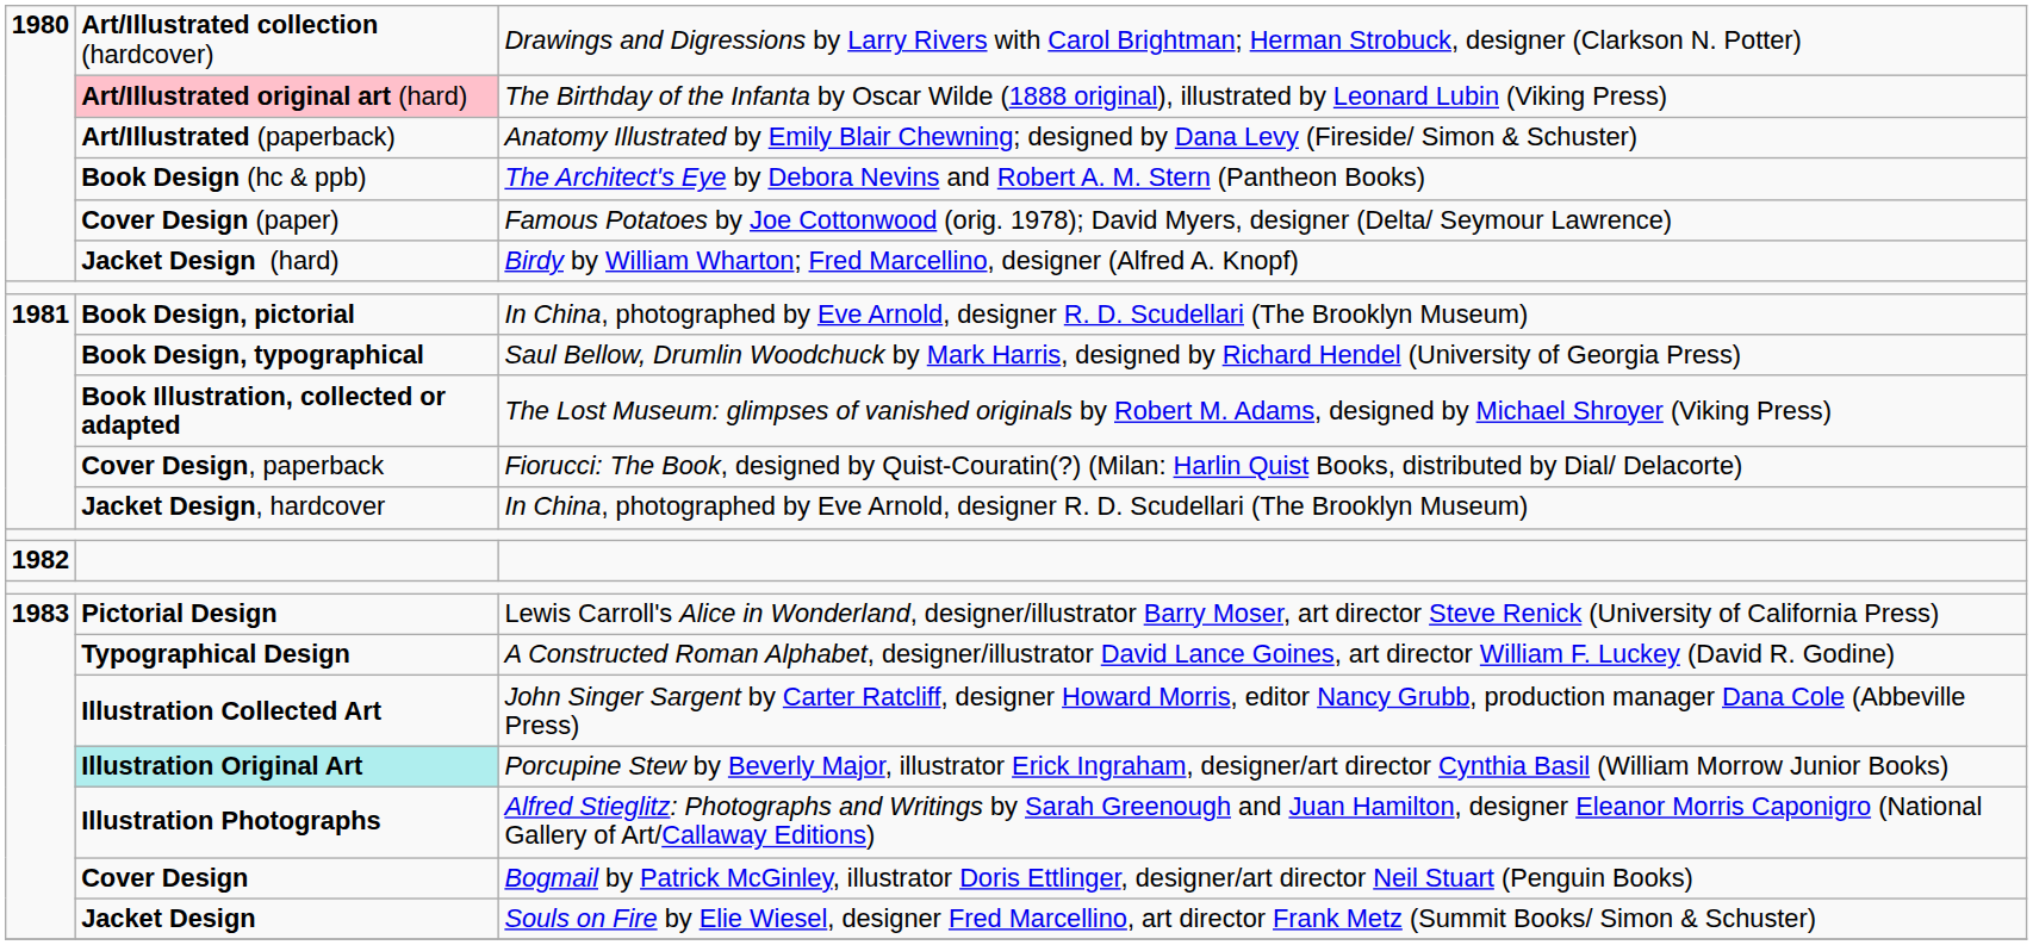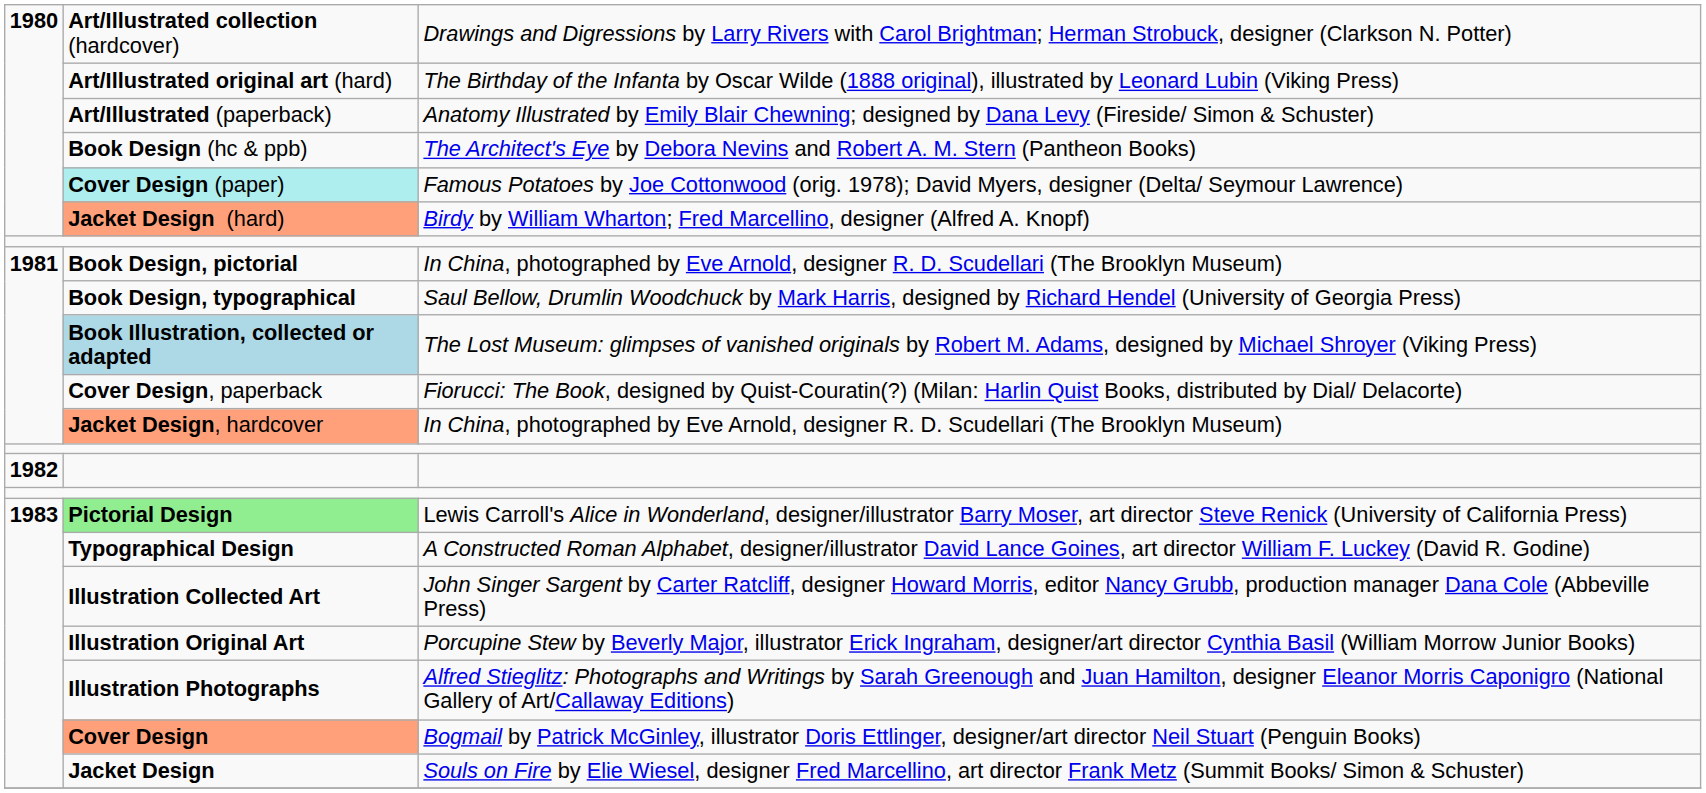 <table class=wikitable>
 <tr>
 <td rowspan=6 valign=top><strong>1980</strong><br></td>
 <td><strong>Art/Illustrated collection</strong> (hardcover)</td>
 <td><em>Drawings and Digressions</em> by <a href='#'>Larry Rivers</a> with <a href='#'>Carol Brightman</a>; <a href='#'>Herman Strobuck</a>, designer (Clarkson N. Potter)</td>
 </tr>
 <tr>
-<td style="background: pink;"><strong>Art/Illustrated original art</strong> (hard)</td>
+<td><strong>Art/Illustrated original art</strong> (hard)</td>
 <td><em>The Birthday of the Infanta</em> by Oscar Wilde (<a href='#'>1888 original</a>), illustrated by <a href='#'>Leonard Lubin</a> (Viking Press)</td>
 </tr>
 <tr>
 <td><strong>Art/Illustrated</strong> (paperback)</td>
 <td><em>Anatomy Illustrated</em> by <a href='#'>Emily Blair Chewning</a>; designed by <a href='#'>Dana Levy</a> (Fireside/ Simon & Schuster)</td>
 </tr>
 <tr>
 <td><strong>Book Design</strong> (hc & ppb)</td>
 <td><em><a href='#'>The Architect's Eye</a></em> by <a href='#'>Debora Nevins</a> and <a href='#'>Robert A. M. Stern</a> (Pantheon Books)</td>
 </tr>
 <tr>
-<td><strong>Cover Design</strong> (paper)</td>
+<td style="background: paleturquoise;"><strong>Cover Design</strong> (paper)</td>
 <td><em>Famous Potatoes</em> by <a href='#'>Joe Cottonwood</a> (orig. 1978); David Myers, designer (Delta/ Seymour Lawrence)</td>
 </tr>
 <tr>
-<td><strong>Jacket Design</strong>  (hard)</td>
+<td style="background: lightsalmon;"><strong>Jacket Design</strong>  (hard)</td>
 <td><em><a href='#'>Birdy</a></em> by <a href='#'>William Wharton</a>; <a href='#'>Fred Marcellino</a>, designer (Alfred A. Knopf)</td>
 </tr>
 <tr>
 <td colspan=3></td>
 </tr>
 <tr>
 <td rowspan=5 valign=top><strong>1981</strong><br></td>
 <td><strong>Book Design, pictorial</strong></td>
 <td><em>In China</em>, photographed by <a href='#'>Eve Arnold</a>, designer <a href='#'>R. D. Scudellari</a> (The Brooklyn Museum)</td>
 </tr>
 <tr>
 <td><strong>Book Design, typographical</strong></td>
 <td><em>Saul Bellow, Drumlin Woodchuck</em> by <a href='#'>Mark Harris</a>, designed by <a href='#'>Richard Hendel</a> (University of Georgia Press)</td>
 </tr>
 <tr>
-<td><strong>Book Illustration, collected or adapted</strong></td>
+<td style="background: lightblue;"><strong>Book Illustration, collected or adapted</strong></td>
 <td><em>The Lost Museum: glimpses of vanished originals</em> by <a href='#'>Robert M. Adams</a>, designed by <a href='#'>Michael Shroyer</a> (Viking Press)</td>
 </tr>
 <tr>
 <td><strong>Cover Design</strong>, paperback</td>
 <td><em>Fiorucci: The Book</em>, designed by Quist-Couratin(?) (Milan: <a href='#'>Harlin Quist</a> Books, distributed by Dial/ Delacorte)</td>
 </tr>
 <tr>
-<td><strong>Jacket Design</strong>, hardcover</td>
+<td style="background: lightsalmon;"><strong>Jacket Design</strong>, hardcover</td>
 <td><em>In China</em>, photographed by Eve Arnold, designer R. D. Scudellari (The Brooklyn Museum)</td>
 </tr>
 <tr>
 <td colspan=3></td>
 </tr>
 <tr>
 <td rowspan=1 valign=top><strong>1982</strong></td>
 <td></td>
 <td></td>
 </tr>
 <tr>
 <td colspan=3></td>
 </tr>
 <tr>
 <td rowspan=7 valign=top><strong>1983</strong></td>
-<td><strong>Pictorial Design</strong></td>
+<td style="background: lightgreen;"><strong>Pictorial Design</strong></td>
 <td>Lewis Carroll's <em>Alice in Wonderland</em>, designer/illustrator <a href='#'>Barry Moser</a>, art director <a href='#'>Steve Renick</a> (University of California Press)</td>
 </tr>
 <tr>
 <td><strong>Typographical Design</strong></td>
 <td><em>A Constructed Roman Alphabet</em>, designer/illustrator <a href='#'>David Lance Goines</a>, art director <a href='#'>William F. Luckey</a> (David R. Godine)</td>
 </tr>
 <tr>
 <td><strong>Illustration Collected Art</strong></td>
 <td><em>John Singer Sargent</em> by <a href='#'>Carter Ratcliff</a>, designer <a href='#'>Howard Morris</a>, editor <a href='#'>Nancy Grubb</a>, production manager <a href='#'>Dana Cole</a> (Abbeville Press)</td>
 </tr>
 <tr>
-<td style="background: paleturquoise;"><strong>Illustration Original Art</strong></td>
+<td><strong>Illustration Original Art</strong></td>
 <td><em>Porcupine Stew</em> by <a href='#'>Beverly Major</a>, illustrator <a href='#'>Erick Ingraham</a>, designer/art director <a href='#'>Cynthia Basil</a> (William Morrow Junior Books)</td>
 </tr>
 <tr>
 <td><strong>Illustration Photographs</strong></td>
 <td><em><a href='#'>Alfred Stieglitz</a>: Photographs and Writings</em> by <a href='#'>Sarah Greenough</a> and <a href='#'>Juan Hamilton</a>, designer <a href='#'>Eleanor Morris Caponigro</a> (National Gallery of Art/<a href='#'>Callaway Editions</a>)</td>
 </tr>
 <tr>
-<td><strong>Cover Design</strong></td>
+<td style="background: lightsalmon;"><strong>Cover Design</strong></td>
 <td><em><a href='#'>Bogmail</a></em> by <a href='#'>Patrick McGinley</a>, illustrator <a href='#'>Doris Ettlinger</a>, designer/art director <a href='#'>Neil Stuart</a> (Penguin Books)</td>
 </tr>
 <tr>
 <td><strong>Jacket Design</strong></td>
 <td><em><a href='#'>Souls on Fire</a></em> by <a href='#'>Elie Wiesel</a>, designer <a href='#'>Fred Marcellino</a>, art director <a href='#'>Frank Metz</a> (Summit Books/ Simon & Schuster)</td>
 </tr>
 <tr>
 </tr>
 </table>
